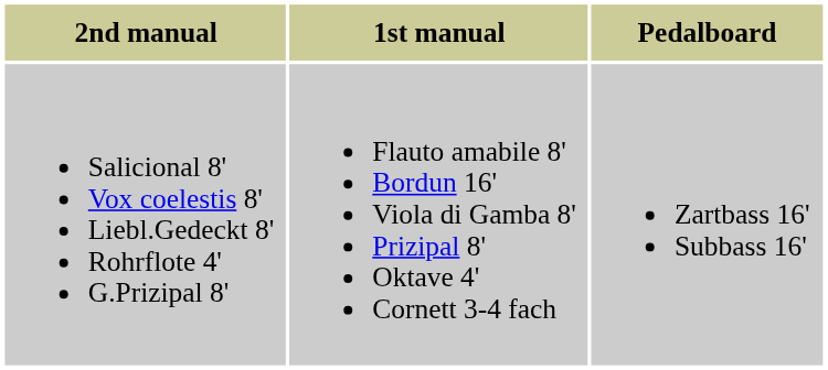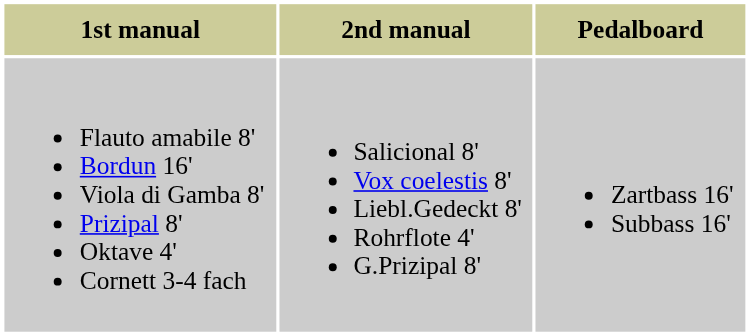 <table style="margin:0 auto" cellpadding="7">
 <tr>
+<th style="background-color:#cccc99;">1st manual</th>
 <th style="background-color:#cccc99;">2nd manual</th>
-<th style="background-color:#cccc99;">1st manual</th>
 <th style="background-color:#cccc99;">Pedalboard</th>
 </tr>
 <tr>
+<td style="background-color:#cccccc;"><br><ul><li>Flauto amabile 8'</li><li><a href='#'>Bordun</a> 16'</li><li>Viola di Gamba 8'</li><li><a href='#'>Prizipal</a> 8'</li><li>Oktave 4'</li><li>Cornett 3-4 fach</li></ul></td>
 <td style="background-color:#cccccc;"><br><ul><li>Salicional 8'</li><li><a href='#'>Vox coelestis</a> 8'</li><li>Liebl.Gedeckt 8'</li><li>Rohrflote 4'</li><li>G.Prizipal 8'</li></ul></td>
-<td style="background-color:#cccccc;"><br><ul><li>Flauto amabile 8'</li><li><a href='#'>Bordun</a> 16'</li><li>Viola di Gamba 8'</li><li><a href='#'>Prizipal</a> 8'</li><li>Oktave 4'</li><li>Cornett 3-4 fach</li></ul></td>
 <td style="background-color:#cccccc;"><br><ul><li>Zartbass 16'</li><li>Subbass 16'</li></ul></td>
 </tr>
 </table>
